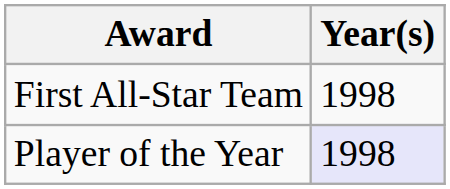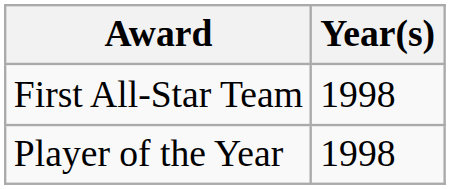 <table class="wikitable">
 <tr>
 <th>Award</th>
 <th>Year(s)</th>
 </tr>
 <tr>
 <td>First All-Star Team</td>
 <td>1998</td>
 </tr>
 <tr>
 <td>Player of the Year</td>
-<td style="background: lavender;">1998</td>
+<td>1998</td>
 </tr>
 </table>
